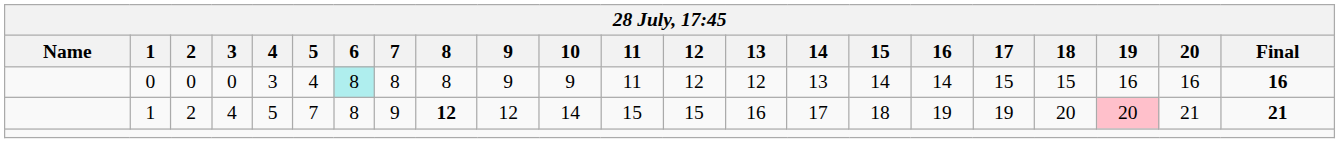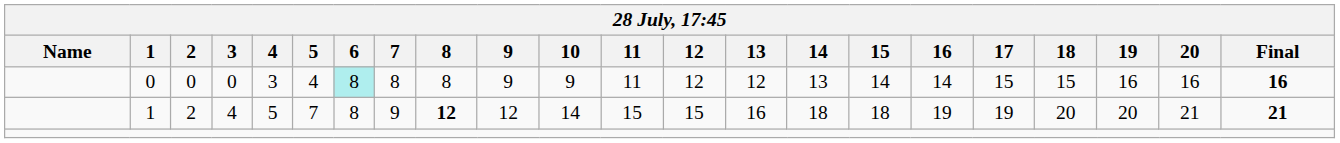 <table class=wikitable style="text-align:center; width: 55%">
 <tr>
 <th colspan=22><em>28 July, 17:45</em></th>
 </tr>
 <tr>
 <th>Name</th>
 <th>1</th>
 <th>2</th>
 <th>3</th>
 <th>4</th>
 <th>5</th>
 <th>6</th>
 <th>7</th>
 <th>8</th>
 <th>9</th>
 <th>10</th>
 <th>11</th>
 <th>12</th>
 <th>13</th>
 <th>14</th>
 <th>15</th>
 <th>16</th>
 <th>17</th>
 <th>18</th>
 <th>19</th>
 <th>20</th>
 <th>Final</th>
 </tr>
 <tr>
 <td align=left></td>
 <td>0</td>
 <td>0</td>
 <td>0</td>
 <td>3</td>
 <td>4</td>
 <td style="background: paleturquoise;">8</td>
 <td>8</td>
 <td>8</td>
 <td>9</td>
 <td>9</td>
 <td>11</td>
 <td>12</td>
 <td>12</td>
 <td>13</td>
 <td>14</td>
 <td>14</td>
 <td>15</td>
 <td>15</td>
 <td>16</td>
 <td>16</td>
 <td><strong>16</strong></td>
 </tr>
 <tr>
 <td align=left><strong></strong></td>
 <td>1</td>
 <td>2</td>
 <td>4</td>
 <td>5</td>
 <td>7</td>
 <td>8</td>
 <td>9</td>
 <td><strong>12</strong></td>
 <td>12</td>
 <td>14</td>
 <td>15</td>
 <td>15</td>
 <td>16</td>
-<td>17</td>
+<td>18</td>
 <td>18</td>
 <td>19</td>
 <td>19</td>
 <td>20</td>
-<td style="background: pink;">20</td>
+<td>20</td>
 <td>21</td>
 <td><strong>21</strong></td>
 </tr>
 <tr>
 <td colspan=22></td>
 </tr>
 </table>
